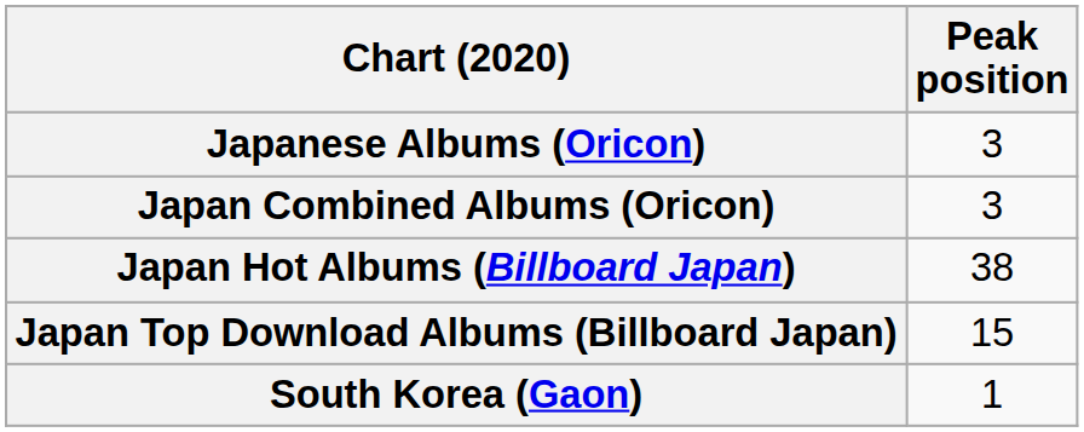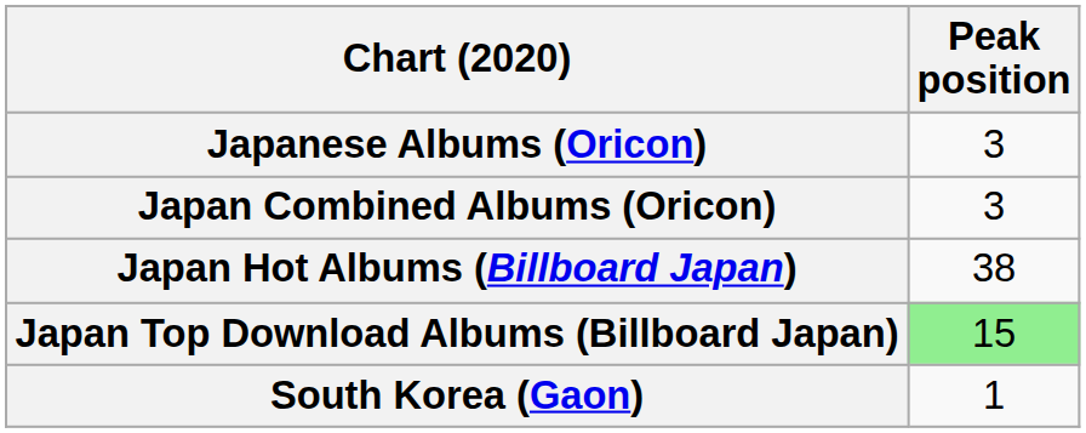 <table class="wikitable sortable plainrowheaders" style="text-align:center;">
 <tr>
 <th>Chart (2020)</th>
 <th>Peak<br>position</th>
 </tr>
 <tr>
 <th scope="row">Japanese Albums (<a href='#'>Oricon</a>)</th>
 <td>3</td>
 </tr>
 <tr>
 <th scope="row">Japan Combined Albums (Oricon)</th>
 <td>3</td>
 </tr>
 <tr>
 <th scope="row">Japan Hot Albums (<em><a href='#'>Billboard Japan</a></em>)</th>
 <td>38</td>
 </tr>
 <tr>
 <th scope="row">Japan Top Download Albums (Billboard Japan)</th>
-<td>15</td>
+<td style="background: lightgreen;">15</td>
 </tr>
 <tr>
 <th scope="row">South Korea (<a href='#'>Gaon</a>)</th>
 <td>1</td>
 </tr>
 </table>
